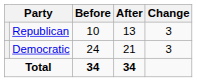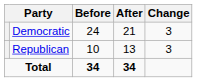 <table class="wikitable" style="text-align:center;">
 <tr>
 <th colspan="2">Party</th>
 <th>Before</th>
 <th>After</th>
 <th>Change</th>
 </tr>
 <tr>
 <th style="background-color:"></th>
-<td style="text-align:left;"><a href='#'>Republican</a></td>
-<td>10</td>
-<td>13</td>
+<td style="text-align:left;"><a href='#'>Democratic</a></td>
+<td>24</td>
+<td>21</td>
 <td> 3</td>
 </tr>
 <tr>
 <th style="background-color:"></th>
-<td style="text-align:left;"><a href='#'>Democratic</a></td>
-<td>24</td>
-<td>21</td>
+<td style="text-align:left;"><a href='#'>Republican</a></td>
+<td>10</td>
+<td>13</td>
 <td> 3</td>
 </tr>
 <tr>
 <td colspan="2"><strong>Total</strong></td>
 <td><strong>34</strong></td>
 <td><strong>34</strong></td>
 <td></td>
 </tr>
 </table>
